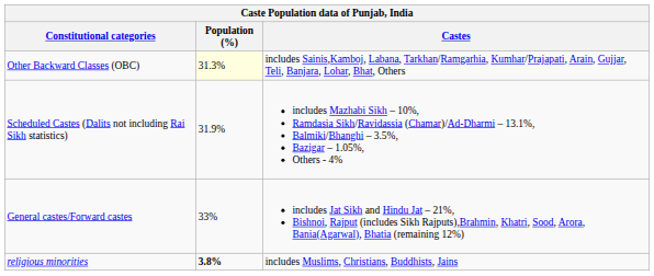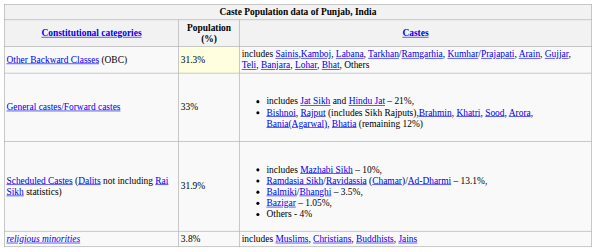 <table class="wikitable" style="width: 75%;font-size: 95%;align:center;">
 <tr>
 <th colspan="3">Caste Population data of Punjab, India</th>
 </tr>
 <tr>
 <th><a href='#'>Constitutional categories</a></th>
 <th>Population (%)</th>
 <th><a href='#'>Castes</a></th>
 </tr>
 <tr>
 <td><a href='#'>Other Backward Classes</a> (OBC)</td>
 <td style="background: lightyellow;">31.3%</td>
 <td>includes <a href='#'>Sainis</a>,<a href='#'>Kamboj</a>, <a href='#'>Labana</a>, <a href='#'>Tarkhan</a>/<a href='#'>Ramgarhia</a>, <a href='#'>Kumhar</a>/<a href='#'>Prajapati</a>, <a href='#'>Arain</a>, <a href='#'>Gujjar</a>, <a href='#'>Teli</a>, <a href='#'>Banjara</a>, <a href='#'>Lohar</a>, <a href='#'>Bhat</a>, Others</td>
 </tr>
 <tr>
+<td><a href='#'>General castes/Forward castes</a></td>
+<td>33%</td>
+<td><br><ul><li>includes  <a href='#'>Jat Sikh</a> and <a href='#'>Hindu Jat</a> – 21%,</li><li><a href='#'>Bishnoi</a>, <a href='#'>Rajput</a> (includes Sikh Rajputs),<a href='#'>Brahmin</a>, <a href='#'>Khatri</a>, <a href='#'>Sood</a>, <a href='#'>Arora</a>, <a href='#'>Bania(Agarwal)</a>, <a href='#'>Bhatia</a> (remaining 12%)</li></ul></td>
+</tr>
+<tr>
 <td><a href='#'>Scheduled Castes</a> (<a href='#'>Dalits</a> not including <a href='#'>Rai Sikh</a> statistics)</td>
 <td>31.9%</td>
 <td><br><ul><li>includes <a href='#'>Mazhabi Sikh</a> – 10%,</li><li><a href='#'>Ramdasia Sikh</a>/<a href='#'>Ravidassia</a> (<a href='#'>Chamar</a>)/<a href='#'>Ad-Dharmi</a> – 13.1%,</li><li><a href='#'>Balmiki</a>/<a href='#'>Bhanghi</a> – 3.5%,</li><li><a href='#'>Bazigar</a> – 1.05%,</li><li>Others - 4%</li></ul></td>
 </tr>
 <tr>
-<td><a href='#'>General castes/Forward castes</a></td>
-<td>33%</td>
-<td><br><ul><li>includes  <a href='#'>Jat Sikh</a> and <a href='#'>Hindu Jat</a> – 21%,</li><li><a href='#'>Bishnoi</a>, <a href='#'>Rajput</a> (includes Sikh Rajputs),<a href='#'>Brahmin</a>, <a href='#'>Khatri</a>, <a href='#'>Sood</a>, <a href='#'>Arora</a>, <a href='#'>Bania(Agarwal)</a>, <a href='#'>Bhatia</a> (remaining 12%)</li></ul></td>
-</tr>
-<tr>
 <td><em><a href='#'>religious minorities</a></em></td>
-<td><strong>3.8%</strong></td>
+<td>3.8%</td>
 <td>includes <a href='#'>Muslims</a>, <a href='#'>Christians</a>, <a href='#'>Buddhists</a>, <a href='#'>Jains</a></td>
 </tr>
 </table>
